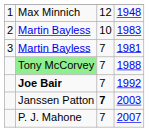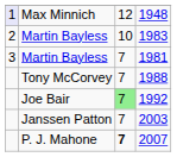 <table class="wikitable">
 <tr>
 </tr>
 <tr>
-<td>1</td>
+<td style="background: lavender;">1</td>
 <td>Max Minnich</td>
 <td>12</td>
 <td><a href='#'>1948</a></td>
 </tr>
 <tr>
 <td>2</td>
 <td><a href='#'>Martin Bayless</a></td>
 <td>10</td>
 <td><a href='#'>1983</a></td>
 </tr>
 <tr>
 <td>3</td>
 <td><a href='#'>Martin Bayless</a></td>
 <td>7</td>
 <td><a href='#'>1981</a></td>
 </tr>
 <tr>
 <td></td>
-<td style="background: lightgreen;">Tony McCorvey</td>
+<td>Tony McCorvey</td>
 <td>7</td>
 <td><a href='#'>1988</a></td>
 </tr>
 <tr>
 <td></td>
-<td><strong>Joe Bair</strong></td>
-<td>7</td>
+<td>Joe Bair</td>
+<td style="background: lightgreen;">7</td>
 <td><a href='#'>1992</a></td>
 </tr>
 <tr>
 <td></td>
 <td>Janssen Patton</td>
-<td><strong>7</strong></td>
+<td>7</td>
 <td><a href='#'>2003</a></td>
 </tr>
 <tr>
 <td></td>
 <td>P. J. Mahone</td>
-<td>7</td>
+<td><strong>7</strong></td>
 <td><a href='#'>2007</a></td>
 </tr>
 </table>
